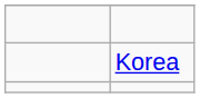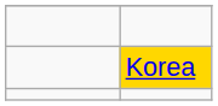 <table class="wikitable">
 <tr style="vertical-align: top;">
 </tr>
 <tr>
 <td>              </td>
 <td>           </td>
 </tr>
 <tr>
 <td></td>
-<td> <a href='#'>Korea</a></td>
+<td style="background: gold;"> <a href='#'>Korea</a></td>
 </tr>
 <tr>
 <td></td>
 </tr>
 </table>
